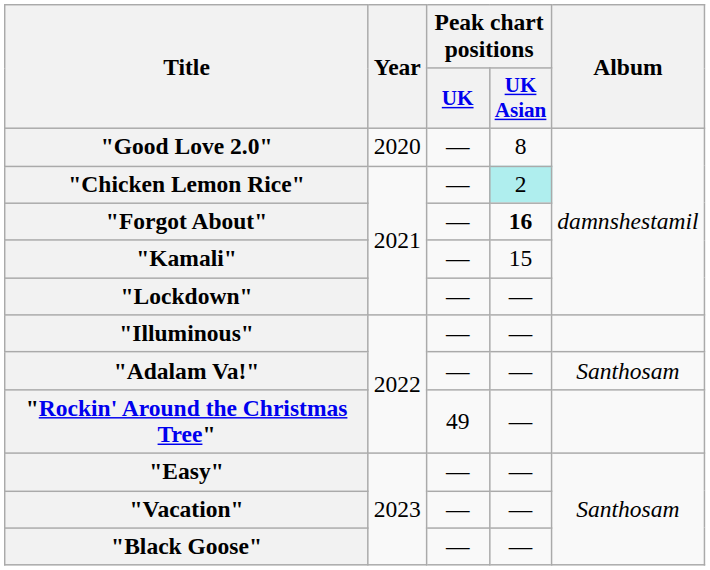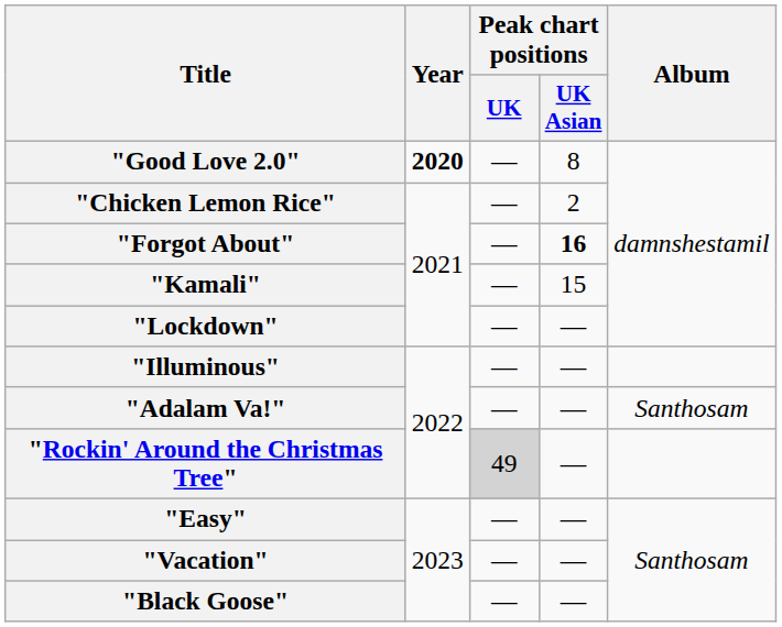 <table class="wikitable plainrowheaders" style="text-align:center;">
 <tr>
 <th rowspan="2" scope="col" style="width:15em;">Title</th>
 <th rowspan="2" scope="col">Year</th>
 <th colspan="2">Peak chart positions</th>
 <th rowspan="2" scope="col">Album</th>
 </tr>
 <tr>
 <th scope="col" style="width:2.5em;font-size:90%;"><a href='#'>UK</a><br></th>
 <th scope="col" style="width:2.5em;font-size:90%;"><a href='#'>UK<br>Asian</a><br></th>
 </tr>
 <tr>
 <th scope="row">"Good Love 2.0"</th>
-<td>2020</td>
+<td><strong>2020</strong></td>
 <td>—</td>
 <td>8</td>
 <td rowspan="5"><em>damnshestamil</em></td>
 </tr>
 <tr>
 <th scope="row">"Chicken Lemon Rice"</th>
 <td rowspan="4">2021</td>
 <td>—</td>
-<td style="background: paleturquoise;">2</td>
+<td>2</td>
 </tr>
 <tr>
 <th scope="row">"Forgot About"</th>
 <td>—</td>
 <td><strong>16</strong></td>
 </tr>
 <tr>
 <th scope="row">"Kamali"</th>
 <td>—</td>
 <td>15</td>
 </tr>
 <tr>
 <th scope="row">"Lockdown"</th>
 <td>—</td>
 <td>—</td>
 </tr>
 <tr>
 <th scope="row">"Illuminous"</th>
 <td rowspan="3">2022</td>
 <td>—</td>
 <td>—</td>
 <td></td>
 </tr>
 <tr>
 <th scope="row">"Adalam Va!"</th>
 <td>—</td>
 <td>—</td>
 <td><em>Santhosam</em></td>
 </tr>
 <tr>
 <th scope="row">"<a href='#'>Rockin' Around the Christmas Tree</a>"</th>
-<td>49</td>
+<td style="background: lightgrey;">49</td>
 <td>—</td>
 <td></td>
 </tr>
 <tr>
 <th scope="row">"Easy"</th>
 <td rowspan="3">2023</td>
 <td>—</td>
 <td>—</td>
 <td rowspan="3"><em>Santhosam</em></td>
 </tr>
 <tr>
 <th scope="row">"Vacation"</th>
 <td>—</td>
 <td>—</td>
 </tr>
 <tr>
 <th scope="row">"Black Goose"</th>
 <td>—</td>
 <td>—</td>
 </tr>
 </table>
